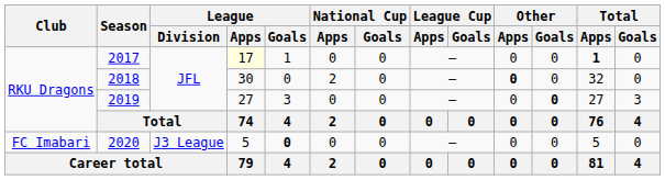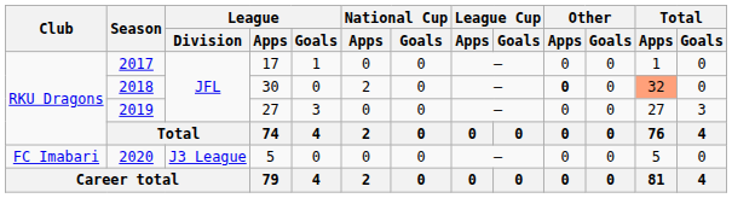 <table class="wikitable" style="text-align: center">
 <tr>
 <th rowspan="2">Club</th>
 <th rowspan="2">Season</th>
 <th colspan="3">League</th>
 <th colspan="2">National Cup</th>
 <th colspan="2">League Cup</th>
 <th colspan="2">Other</th>
 <th colspan="2">Total</th>
 </tr>
 <tr>
 <th>Division</th>
 <th>Apps</th>
 <th>Goals</th>
 <th>Apps</th>
 <th>Goals</th>
 <th>Apps</th>
 <th>Goals</th>
 <th>Apps</th>
 <th>Goals</th>
 <th>Apps</th>
 <th>Goals</th>
 </tr>
 <tr>
 <td rowspan="4"><a href='#'>RKU Dragons</a></td>
 <td><a href='#'>2017</a></td>
 <td rowspan="3"><a href='#'>JFL</a></td>
-<td style="background: lightyellow;">17</td>
+<td>17</td>
 <td>1</td>
 <td>0</td>
 <td>0</td>
 <td colspan="2">–</td>
 <td>0</td>
 <td>0</td>
-<td><strong>1</strong></td>
+<td>1</td>
 <td>0</td>
 </tr>
 <tr>
 <td><a href='#'>2018</a></td>
 <td>30</td>
 <td>0</td>
 <td>2</td>
 <td>0</td>
 <td colspan="2">–</td>
 <td><strong>0</strong></td>
 <td>0</td>
-<td>32</td>
+<td style="background: lightsalmon;">32</td>
 <td>0</td>
 </tr>
 <tr>
 <td><a href='#'>2019</a></td>
 <td>27</td>
 <td>3</td>
 <td>0</td>
 <td>0</td>
 <td colspan="2">–</td>
 <td>0</td>
-<td><strong>0</strong></td>
+<td>0</td>
 <td>27</td>
 <td>3</td>
 </tr>
 <tr>
 <th colspan=2>Total</th>
 <th>74</th>
 <th>4</th>
 <th>2</th>
 <th>0</th>
 <th>0</th>
 <th>0</th>
 <th>0</th>
 <th>0</th>
 <th>76</th>
 <th>4</th>
 </tr>
 <tr>
 <td><a href='#'>FC Imabari</a></td>
 <td><a href='#'>2020</a></td>
 <td><a href='#'>J3 League</a></td>
 <td>5</td>
-<td><strong>0</strong></td>
+<td>0</td>
 <td>0</td>
 <td>0</td>
 <td colspan="2">–</td>
 <td>0</td>
 <td>0</td>
 <td>5</td>
 <td>0</td>
 </tr>
 <tr>
 <th colspan=3>Career total</th>
 <th>79</th>
 <th>4</th>
 <th>2</th>
 <th>0</th>
 <th>0</th>
 <th>0</th>
 <th>0</th>
 <th>0</th>
 <th>81</th>
 <th>4</th>
 </tr>
 </table>
